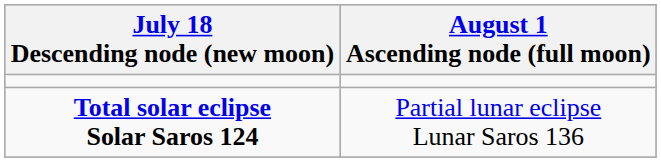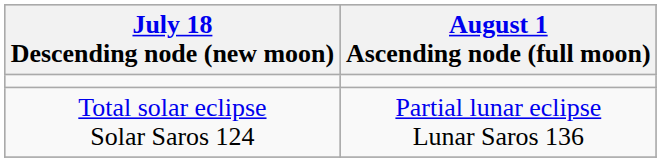 <table class="wikitable">
 <tr>
 <th><a href='#'>July 18</a><br>Descending node (new moon)<br></th>
 <th><a href='#'>August 1</a><br>Ascending node (full moon)<br></th>
 </tr>
 <tr>
 <td></td>
 <td></td>
 </tr>
 <tr align=center>
-<td><strong><a href='#'>Total solar eclipse</a><br>Solar Saros 124</strong></td>
+<td><a href='#'>Total solar eclipse</a><br>Solar Saros 124</td>
 <td><a href='#'>Partial lunar eclipse</a><br>Lunar Saros 136</td>
 </tr>
 </table>
